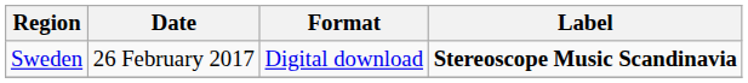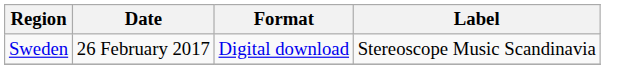 <table class=wikitable>
 <tr>
 <th>Region</th>
 <th>Date</th>
 <th>Format</th>
 <th>Label</th>
 </tr>
 <tr>
 <td><a href='#'>Sweden</a></td>
 <td>26 February 2017</td>
 <td><a href='#'>Digital download</a></td>
-<td><strong>Stereoscope Music Scandinavia</strong></td>
+<td>Stereoscope Music Scandinavia</td>
 </tr>
 <tr>
 </tr>
 </table>
